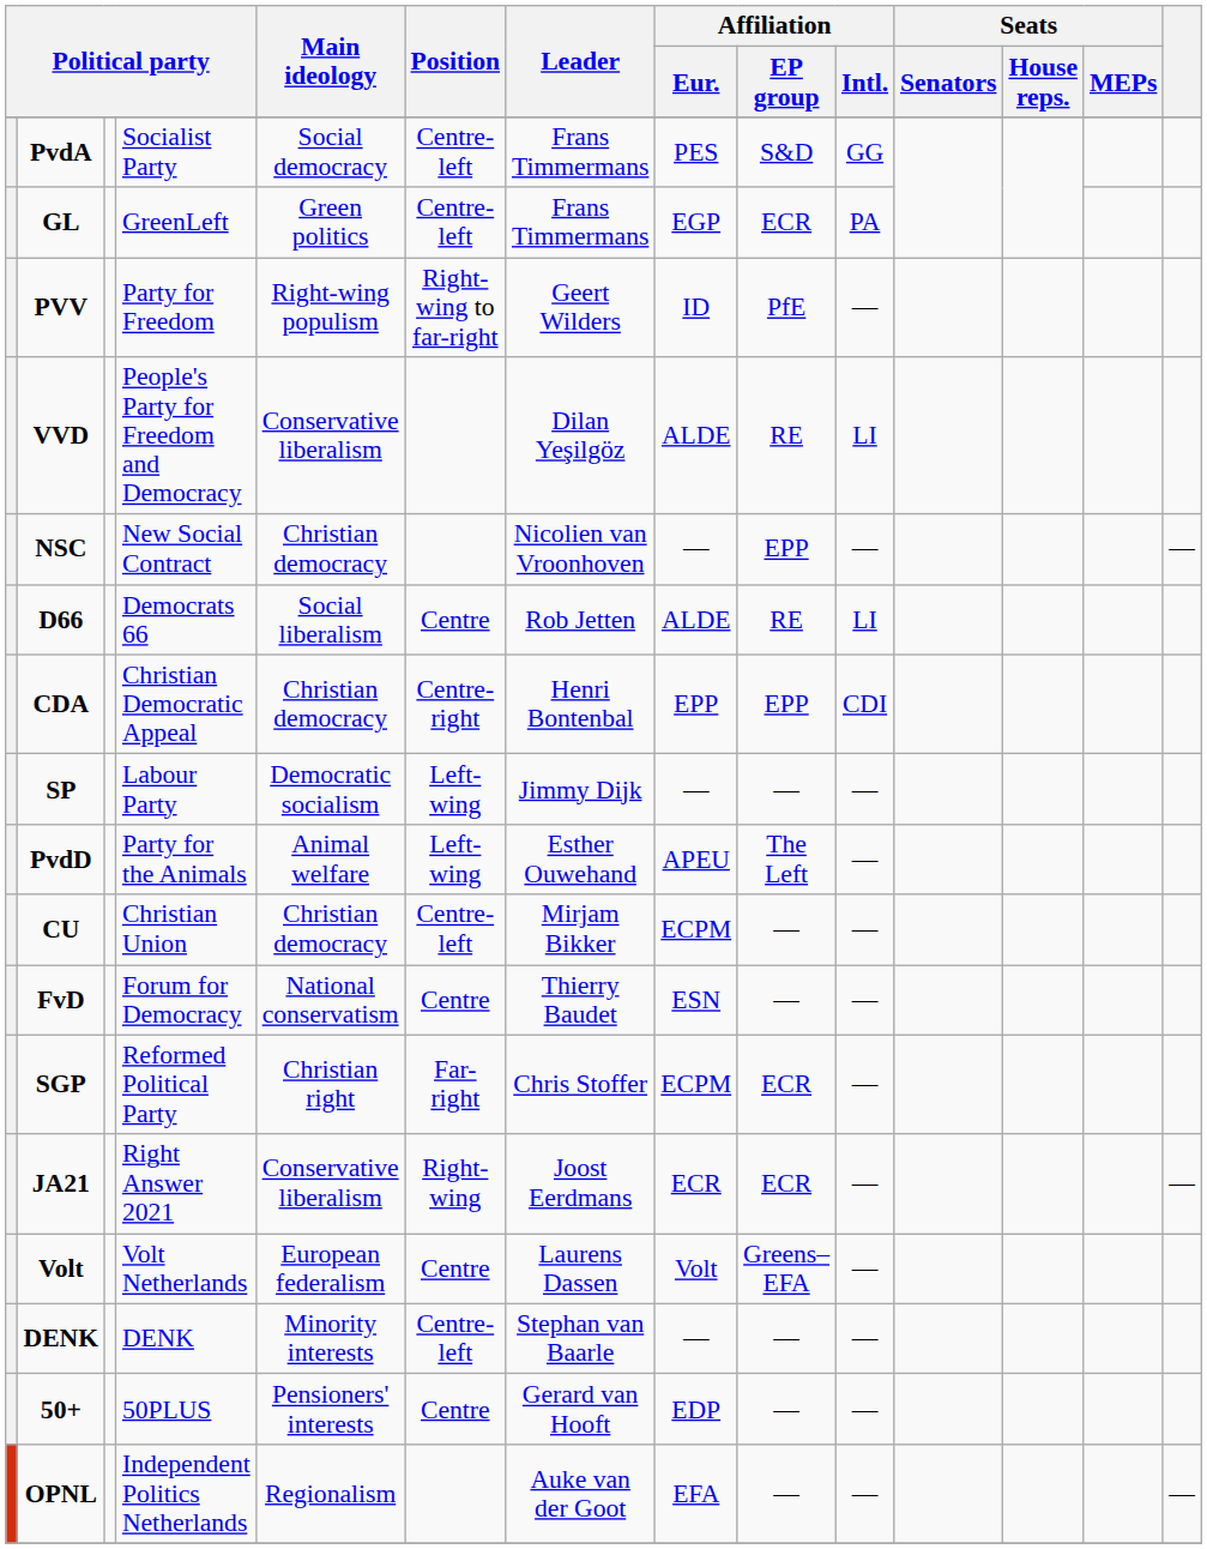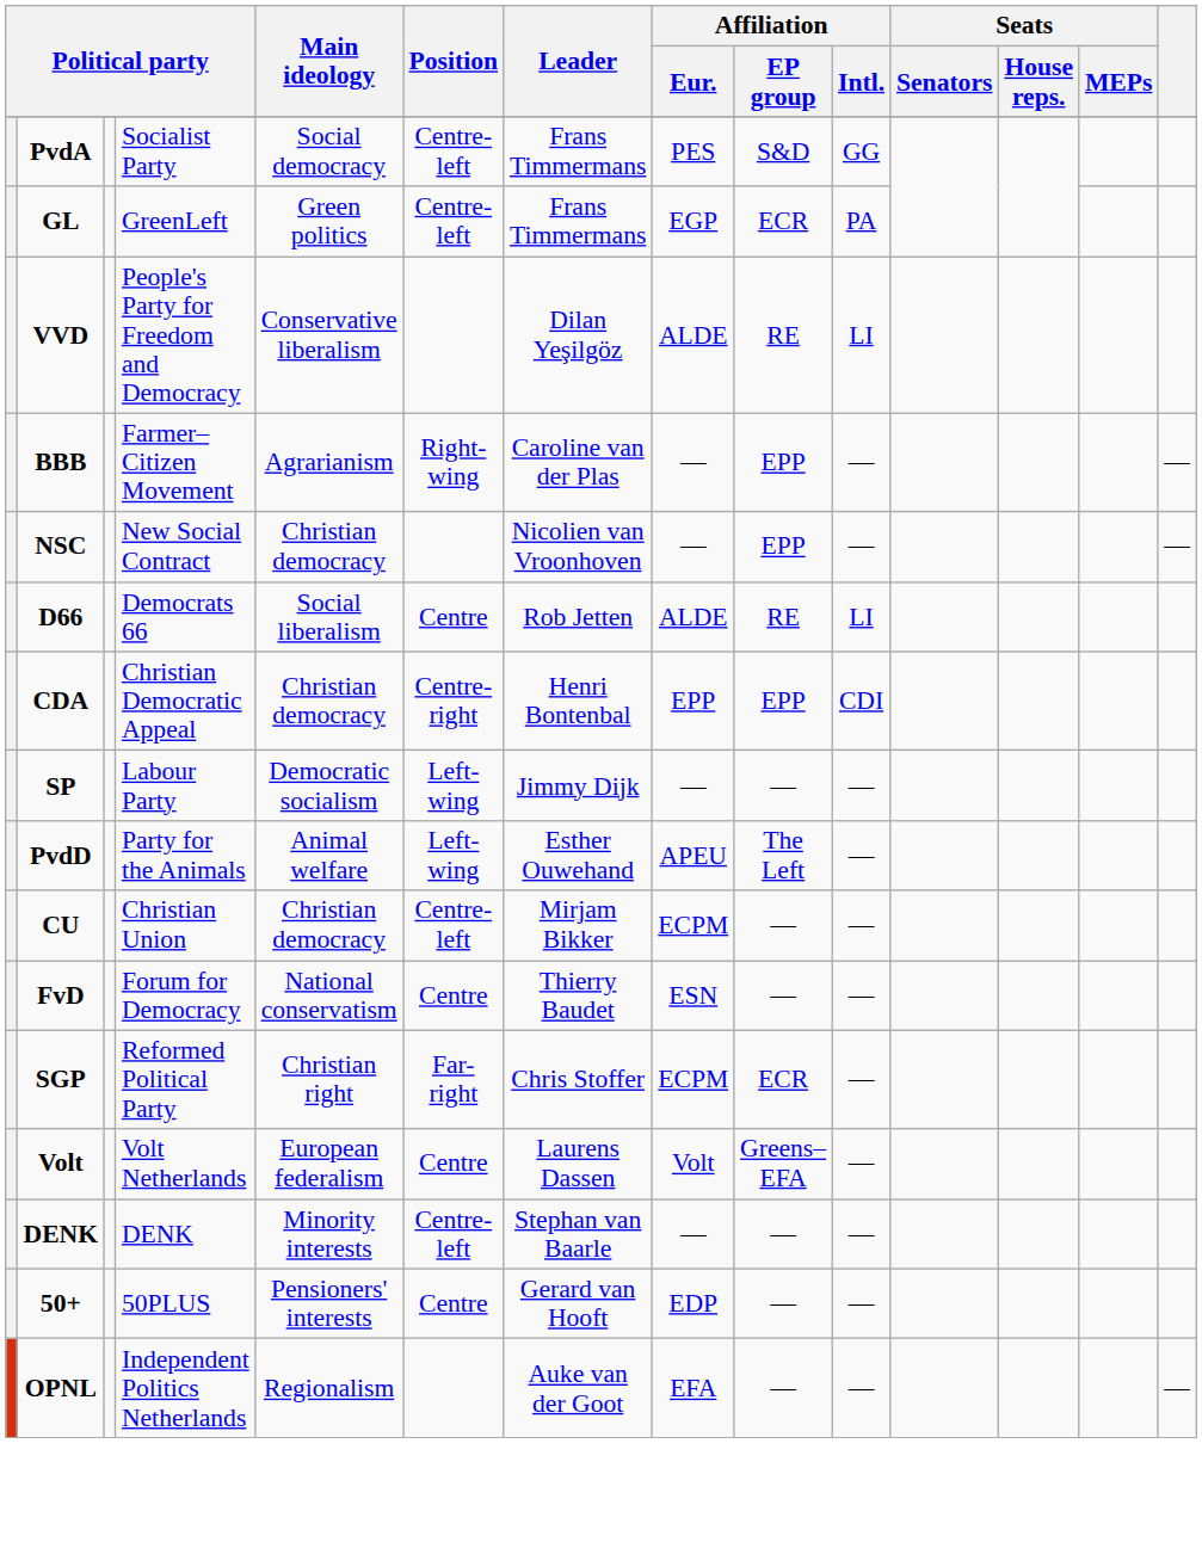 <table class="wikitable" style="text-align:center">
 <tr>
 <th colspan="4" rowspan="2"><a href='#'>Political party</a></th>
 <th rowspan="2"><a href='#'>Main ideology</a></th>
 <th rowspan="2"><a href='#'>Position</a></th>
 <th rowspan="2"><a href='#'>Leader</a></th>
 <th colspan="3">Affiliation</th>
 <th colspan="3">Seats</th>
 <th rowspan="2"></th>
 </tr>
 <tr>
 <th><a href='#'>Eur.</a></th>
 <th><a href='#'>EP group</a></th>
 <th><a href='#'>Intl.</a></th>
 <th><a href='#'>Senators</a></th>
 <th><a href='#'>House reps.</a></th>
 <th><a href='#'>MEPs</a></th>
 </tr>
 <tr>
 </tr>
 <tr>
 <th style="background:"></th>
 <td><strong>PvdA</strong></td>
 <td></td>
 <td style="text-align:left;"><a href='#'>Socialist Party</a><br> </td>
 <td><a href='#'>Social democracy</a></td>
 <td><a href='#'>Centre-left</a></td>
 <td><a href='#'>Frans Timmermans</a></td>
 <td><a href='#'>PES</a></td>
 <td><a href='#'>S&D</a></td>
 <td><a href='#'>GG</a></td>
 <td rowspan="2"></td>
 <td rowspan="2"></td>
 <td></td>
 <td></td>
 </tr>
 <tr>
 <th style="background:"></th>
 <td><strong>GL</strong></td>
 <td></td>
 <td style="text-align:left;"><a href='#'>GreenLeft</a><br> </td>
 <td><a href='#'>Green politics</a></td>
 <td><a href='#'>Centre-left</a></td>
 <td><a href='#'>Frans Timmermans</a></td>
 <td><a href='#'>EGP</a></td>
 <td><a href='#'>ECR</a></td>
 <td><a href='#'>PA</a></td>
 <td></td>
 <td></td>
 </tr>
 <tr>
 <th style="background:"></th>
-<td><strong>PVV</strong></td>
-<td></td>
-<td style="text-align:left;"><a href='#'>Party for Freedom</a><br> </td>
-<td><a href='#'>Right-wing populism</a></td>
-<td><a href='#'>Right-wing</a> to <a href='#'>far-right</a></td>
-<td><a href='#'>Geert Wilders</a></td>
-<td><a href='#'>ID</a></td>
-<td><a href='#'>PfE</a></td>
-<td>—</td>
-<td></td>
-<td></td>
-<td></td>
-<td></td>
-</tr>
-<tr>
-<th style="background:"></th>
 <td><strong>VVD</strong></td>
 <td></td>
 <td style="text-align:left;"><a href='#'>People's Party for Freedom and Democracy</a><br> </td>
 <td><a href='#'>Conservative liberalism</a></td>
 <td></td>
 <td><a href='#'>Dilan Yeşilgöz</a></td>
 <td><a href='#'>ALDE</a></td>
 <td><a href='#'>RE</a></td>
 <td><a href='#'>LI</a></td>
 <td></td>
 <td></td>
 <td></td>
 <td></td>
+</tr>
+<tr>
+<th style="background-color:"></th>
+<td><strong>BBB</strong></td>
+<td></td>
+<td style="text-align:left;"><a href='#'>Farmer–Citizen Movement</a><br> </td>
+<td><a href='#'>Agrarianism</a></td>
+<td><a href='#'>Right-wing</a></td>
+<td><a href='#'>Caroline van der Plas</a></td>
+<td>—</td>
+<td><a href='#'>EPP</a></td>
+<td>—</td>
+<td></td>
+<td></td>
+<td></td>
+<td>—</td>
 </tr>
 <tr>
 <th style="background-color:"></th>
 <td><strong>NSC</strong></td>
 <td></td>
 <td style="text-align:left;"><a href='#'>New Social Contract</a>  <br> </td>
 <td><a href='#'>Christian democracy</a></td>
 <td></td>
 <td><a href='#'>Nicolien van Vroonhoven</a></td>
 <td>—</td>
 <td><a href='#'>EPP</a></td>
 <td>—</td>
 <td></td>
 <td></td>
 <td></td>
 <td>—</td>
 </tr>
 <tr>
 <th style="background:"></th>
 <td><strong>D66</strong></td>
 <td></td>
 <td style="text-align:left;"><a href='#'>Democrats 66</a><br> </td>
 <td><a href='#'>Social liberalism</a></td>
 <td><a href='#'>Centre</a></td>
 <td><a href='#'>Rob Jetten</a></td>
 <td><a href='#'>ALDE</a></td>
 <td><a href='#'>RE</a></td>
 <td><a href='#'>LI</a></td>
 <td></td>
 <td></td>
 <td></td>
 <td></td>
 </tr>
 <tr>
 <th style="background:"></th>
 <td><strong>CDA</strong></td>
 <td></td>
 <td style="text-align:left;"><a href='#'>Christian Democratic Appeal</a><br> </td>
 <td><a href='#'>Christian democracy</a></td>
 <td><a href='#'>Centre-right</a></td>
 <td><a href='#'>Henri Bontenbal</a></td>
 <td><a href='#'>EPP</a></td>
 <td><a href='#'>EPP</a></td>
 <td><a href='#'>CDI</a></td>
 <td></td>
 <td></td>
 <td></td>
 <td></td>
 </tr>
 <tr>
 <th style="background:"></th>
 <td><strong>SP</strong></td>
 <td></td>
 <td style="text-align:left;"><a href='#'>Labour Party</a><br> </td>
 <td><a href='#'>Democratic socialism</a></td>
 <td><a href='#'>Left-wing</a></td>
 <td><a href='#'>Jimmy Dijk</a></td>
 <td>—</td>
 <td>—</td>
 <td>—</td>
 <td></td>
 <td></td>
 <td></td>
 <td></td>
 </tr>
 <tr>
 <th style="background:"></th>
 <td><strong>PvdD</strong></td>
 <td></td>
 <td style="text-align:left;"><a href='#'>Party for the Animals</a><br> </td>
 <td><a href='#'>Animal welfare</a></td>
 <td><a href='#'>Left-wing</a></td>
 <td><a href='#'>Esther Ouwehand</a></td>
 <td><a href='#'>APEU</a></td>
 <td><a href='#'>The Left</a></td>
 <td>—</td>
 <td></td>
 <td></td>
 <td></td>
 <td></td>
 </tr>
 <tr>
 <th style="background:"></th>
 <td><strong>CU</strong></td>
 <td></td>
 <td style="text-align:left;"><a href='#'>Christian Union</a> <br> </td>
 <td><a href='#'>Christian democracy</a></td>
 <td><a href='#'>Centre-left</a></td>
 <td><a href='#'>Mirjam Bikker</a></td>
 <td><a href='#'>ECPM</a></td>
 <td>—</td>
 <td>—</td>
 <td></td>
 <td></td>
 <td></td>
 <td></td>
 </tr>
 <tr>
 <th style="background-color:"></th>
 <td><strong>FvD</strong></td>
 <td></td>
 <td style="text-align:left;"><a href='#'>Forum for Democracy</a><br> </td>
 <td><a href='#'>National conservatism</a></td>
 <td><a href='#'>Centre</a></td>
 <td><a href='#'>Thierry Baudet</a></td>
 <td><a href='#'>ESN</a></td>
 <td>—</td>
 <td>—</td>
 <td></td>
 <td></td>
 <td></td>
 <td></td>
 </tr>
 <tr>
 <th style="background:"></th>
 <td><strong>SGP</strong></td>
 <td></td>
 <td style="text-align:left;"><a href='#'>Reformed Political Party</a><br> </td>
 <td><a href='#'>Christian right</a></td>
 <td><a href='#'>Far-right</a></td>
 <td><a href='#'>Chris Stoffer</a></td>
 <td><a href='#'>ECPM</a></td>
 <td><a href='#'>ECR</a></td>
 <td>—</td>
 <td></td>
 <td></td>
 <td></td>
 <td></td>
 </tr>
 <tr>
-<th style="background:"></th>
-<td><strong>JA21</strong></td>
-<td></td>
-<td style="text-align:left;"><a href='#'>Right Answer 2021</a><br> </td>
-<td><a href='#'>Conservative liberalism</a></td>
-<td><a href='#'>Right-wing</a></td>
-<td><a href='#'>Joost Eerdmans</a></td>
-<td><a href='#'>ECR</a></td>
-<td><a href='#'>ECR</a></td>
-<td>—</td>
-<td></td>
-<td></td>
-<td></td>
-<td>—</td>
-</tr>
-<tr>
 <th style="background-color:"></th>
 <td><strong>Volt</strong></td>
 <td></td>
 <td style="text-align:left;"><a href='#'>Volt Netherlands</a>  <br> </td>
 <td><a href='#'>European federalism</a></td>
 <td><a href='#'>Centre</a></td>
 <td><a href='#'>Laurens Dassen</a></td>
 <td><a href='#'>Volt</a></td>
 <td><a href='#'>Greens–EFA</a></td>
 <td>—</td>
 <td></td>
 <td></td>
 <td></td>
 <td></td>
 </tr>
 <tr>
 <th style="background-color:"></th>
 <td><strong>DENK</strong></td>
 <td></td>
 <td style="text-align:left;"><a href='#'>DENK</a></td>
 <td><a href='#'>Minority interests</a></td>
 <td><a href='#'>Centre-left</a></td>
 <td><a href='#'>Stephan van Baarle</a></td>
 <td>—</td>
 <td>—</td>
 <td>—</td>
 <td></td>
 <td></td>
 <td></td>
 <td></td>
 </tr>
 <tr>
 <th style="background:"></th>
 <td><strong>50+</strong></td>
 <td></td>
 <td style="text-align:left;"><a href='#'>50PLUS</a></td>
 <td><a href='#'>Pensioners' interests</a></td>
 <td><a href='#'>Centre</a></td>
 <td><a href='#'>Gerard van Hooft</a></td>
 <td><a href='#'>EDP</a></td>
 <td>—</td>
 <td>—</td>
 <td></td>
 <td></td>
 <td></td>
 <td></td>
 </tr>
 <tr>
 <th style="background:#D32E0E;" height="40px"></th>
 <td><strong>OPNL</strong></td>
 <td></td>
 <td style="text-align:left;"><a href='#'>Independent Politics Netherlands</a> <br> </td>
 <td><a href='#'>Regionalism</a></td>
 <td></td>
 <td><a href='#'>Auke van der Goot</a></td>
 <td><a href='#'>EFA</a></td>
 <td>—</td>
 <td>—</td>
 <td></td>
 <td></td>
 <td></td>
 <td>—</td>
 </tr>
 <tr>
 </tr>
 </table>
